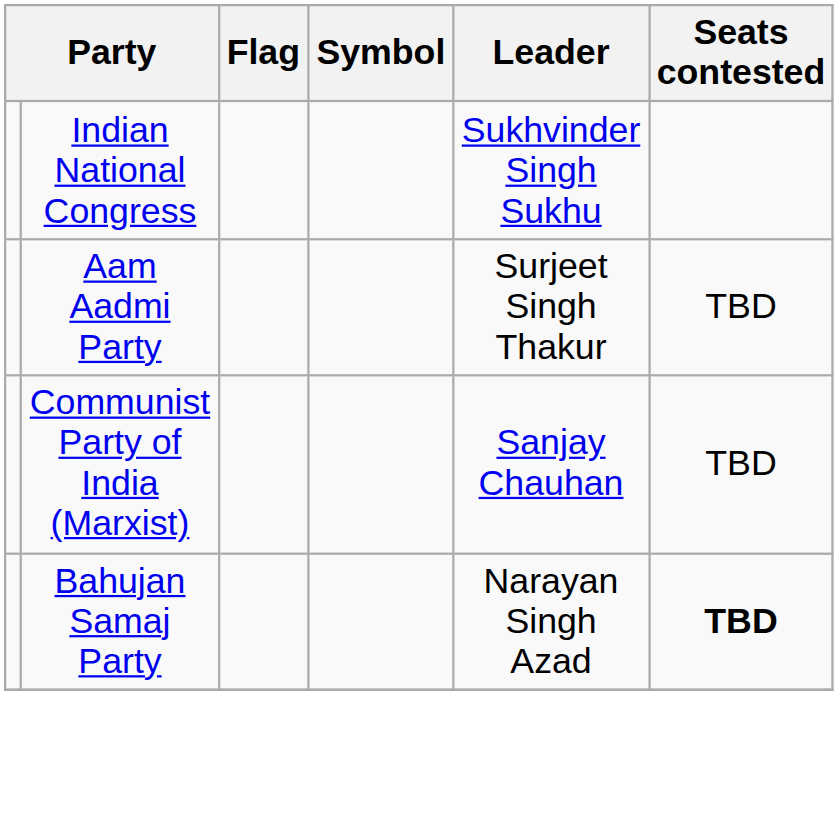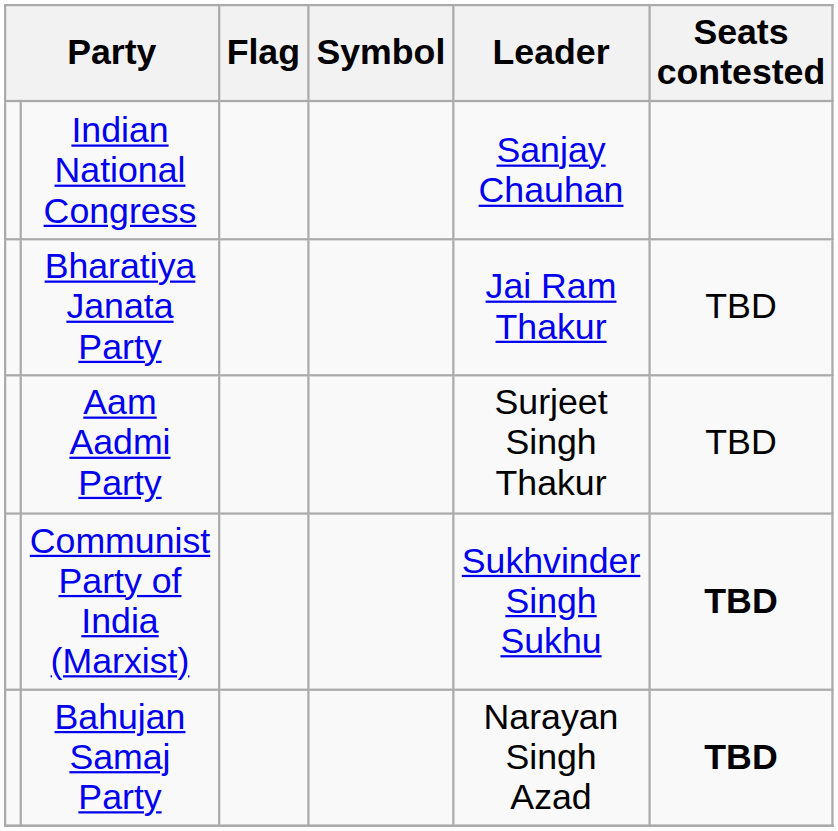 <table class="wikitable" width="50%" style="text-align:center;">
 <tr>
 <th colspan="2">Party</th>
 <th>Flag</th>
 <th>Symbol</th>
 <th>Leader</th>
 <th>Seats contested</th>
 </tr>
 <tr>
 <td></td>
 <td><a href='#'>Indian National Congress</a></td>
 <td></td>
 <td></td>
-<td><a href='#'>Sukhvinder Singh Sukhu</a></td>
+<td><a href='#'>Sanjay Chauhan</a></td>
 <td></td>
+</tr>
+<tr>
+<td></td>
+<td><a href='#'>Bharatiya Janata Party</a></td>
+<td></td>
+<td></td>
+<td><a href='#'>Jai Ram Thakur</a></td>
+<td>TBD</td>
 </tr>
 <tr>
 <td></td>
 <td><a href='#'>Aam Aadmi Party</a></td>
 <td></td>
 <td></td>
 <td>Surjeet Singh Thakur</td>
 <td>TBD</td>
 </tr>
 <tr>
 <td></td>
 <td><a href='#'>Communist Party of India (Marxist)</a></td>
 <td></td>
 <td></td>
-<td><a href='#'>Sanjay Chauhan</a></td>
-<td>TBD</td>
+<td><a href='#'>Sukhvinder Singh Sukhu</a></td>
+<td><strong>TBD</strong></td>
 </tr>
 <tr>
 <td></td>
 <td><a href='#'>Bahujan Samaj Party</a></td>
 <td></td>
 <td></td>
 <td>Narayan Singh Azad</td>
 <td><strong>TBD</strong></td>
 </tr>
 <tr>
 </tr>
 </table>
